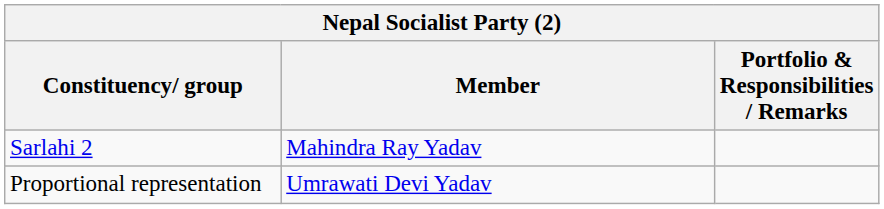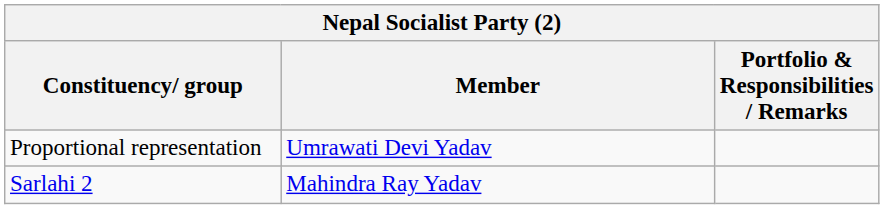 <table class="wikitable sortable">
 <tr>
 <th colspan="3" style="width: 800pt; background:">Nepal Socialist Party (2)</th>
 </tr>
 <tr>
 <th style="width:150pt;">Constituency/ group</th>
 <th style="width:250pt;">Member</th>
 <th>Portfolio & Responsibilities / Remarks</th>
 </tr>
 <tr>
+<td>Proportional representation</td>
+<td><a href='#'>Umrawati Devi Yadav</a></td>
+<td></td>
+</tr>
+<tr>
 <td><a href='#'>Sarlahi 2</a></td>
 <td><a href='#'>Mahindra Ray Yadav</a></td>
 <td></td>
 </tr>
-<tr>
-<td>Proportional representation</td>
-<td><a href='#'>Umrawati Devi Yadav</a></td>
-<td></td>
-</tr>
 </table>
